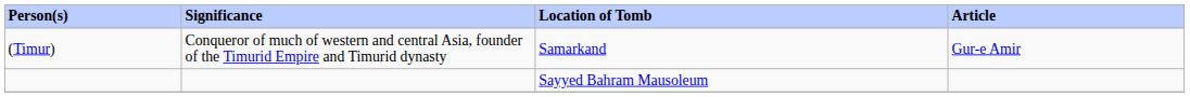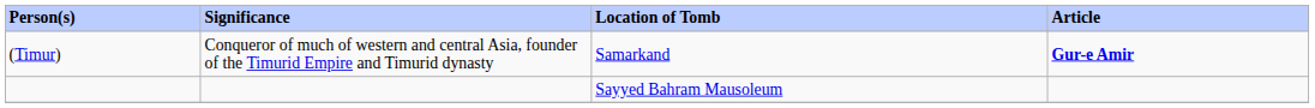 <table class="wikitable" width="100%" border="1" cellspacing="0" cellpadding="2">
 <tr>
 <td width="15%" bgcolor="#bbccff"><strong>Person(s)</strong></td>
 <td width="30%" bgcolor="#bbccff"><strong>Significance</strong></td>
 <td width="35%" bgcolor="#bbccff"><strong>Location of Tomb</strong></td>
 <td width="20%" bgcolor="#bbccff"><strong>Article</strong></td>
 </tr>
 <tr>
 <td>(<a href='#'>Timur</a>)</td>
 <td>Conqueror of much of western and central Asia, founder of the <a href='#'>Timurid Empire</a> and Timurid dynasty</td>
 <td><a href='#'>Samarkand</a></td>
-<td><a href='#'>Gur-e Amir</a></td>
+<td><strong><a href='#'>Gur-e Amir</a></strong></td>
 </tr>
 <tr>
 <td></td>
 <td></td>
 <td><a href='#'>Sayyed Bahram Mausoleum</a></td>
 <td></td>
 </tr>
 <tr>
 </tr>
 </table>
